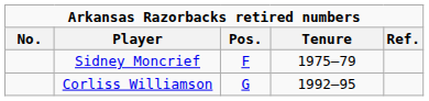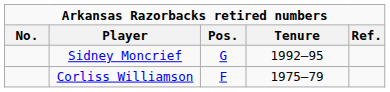 <table class="wikitable sortable" style="text-align:center">
 <tr>
 <td colspan="7"><strong>Arkansas Razorbacks retired numbers</strong></td>
 </tr>
 <tr>
 <th width=40px>No.</th>
 <th width=150px>Player</th>
 <th width=40px>Pos.</th>
 <th width=100px>Tenure</th>
 <th width=px>Ref.</th>
 </tr>
 <tr>
 <td></td>
 <td><a href='#'>Sidney Moncrief</a></td>
-<td><a href='#'>F</a></td>
-<td>1975–79</td>
+<td><a href='#'>G</a></td>
+<td>1992–95</td>
 <td></td>
 </tr>
 <tr>
 <td></td>
 <td><a href='#'>Corliss Williamson</a></td>
-<td><a href='#'>G</a></td>
-<td>1992–95</td>
+<td><a href='#'>F</a></td>
+<td>1975–79</td>
 <td></td>
 </tr>
 </table>
